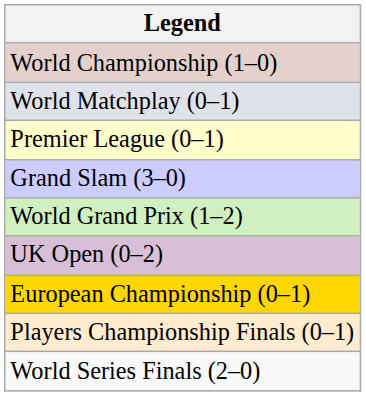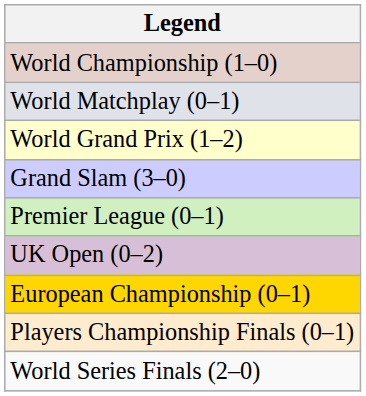 <table class="wikitable">
 <tr>
 <th>Legend</th>
 </tr>
 <tr style="background:#e5d1cb;">
 <td>World Championship (1–0)</td>
 </tr>
 <tr style="background:#dfe2e9;">
 <td>World Matchplay (0–1)</td>
 </tr>
 <tr style="background:#ffc;">
-<td>Premier League (0–1)</td>
+<td>World Grand Prix (1–2)</td>
 </tr>
 <tr style="background:#ccf;">
 <td>Grand Slam (3–0)</td>
 </tr>
 <tr style="background:#d0f0c0;">
-<td>World Grand Prix (1–2)</td>
+<td>Premier League (0–1)</td>
 </tr>
 <tr style="background:thistle">
 <td>UK Open (0–2)</td>
 </tr>
 <tr style="background:gold;">
 <td>European Championship (0–1)</td>
 </tr>
 <tr style="background:#ffebcd;">
 <td>Players Championship Finals (0–1)</td>
 </tr>
 <tr>
 <td>World Series Finals (2–0)</td>
 </tr>
 </table>
